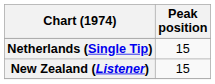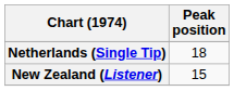 <table class="wikitable sortable plainrowheaders" style="text-align:center">
 <tr>
 <th>Chart (1974)</th>
 <th>Peak<br>position</th>
 </tr>
 <tr>
 </tr>
 <tr>
 <th scope="row">Netherlands (<a href='#'>Single Tip</a>)</th>
-<td>15</td>
+<td>18</td>
 </tr>
 <tr>
 <th scope="row">New Zealand (<em><a href='#'>Listener</a></em>)</th>
 <td>15</td>
 </tr>
 <tr>
 </tr>
 </table>
